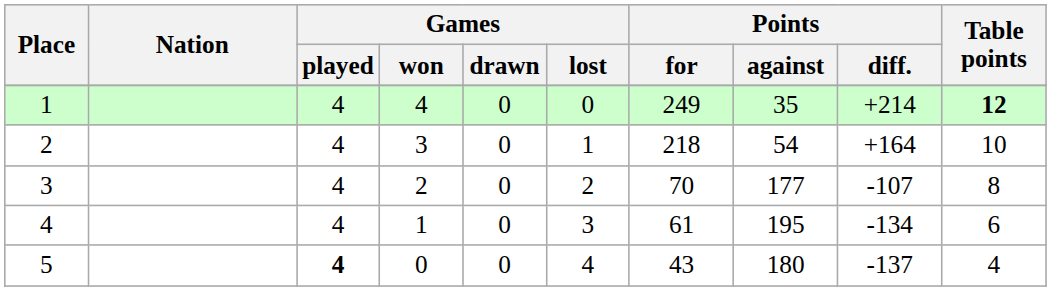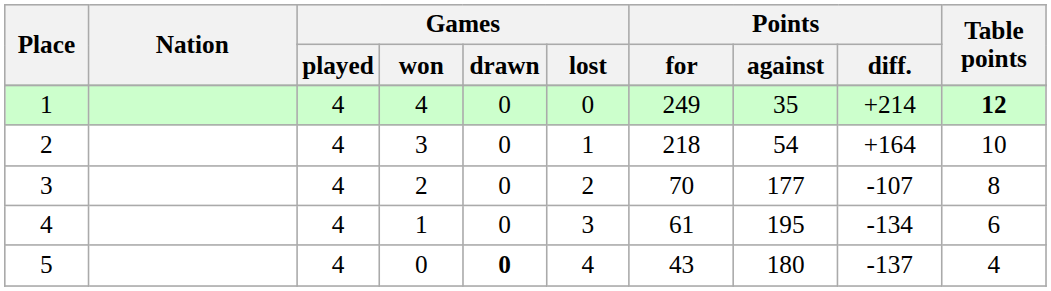 <table class="wikitable">
 <tr>
 <th rowspan=2 width="8%">Place</th>
 <th rowspan=2 width="20%">Nation</th>
 <th colspan=4 width="32%">Games</th>
 <th colspan=3 width="30%">Points</th>
 <th rowspan=2 width="10%">Table<br>points</th>
 </tr>
 <tr>
 <th width="8%">played</th>
 <th width="8%">won</th>
 <th width="8%">drawn</th>
 <th width="8%">lost</th>
 <th width="10%">for</th>
 <th width="10%">against</th>
 <th width="10%">diff.</th>
 </tr>
 <tr>
 </tr>
 <tr bgcolor=#ccffcc align=center>
 <td>1</td>
 <td align=left><strong></strong></td>
 <td>4</td>
 <td>4</td>
 <td>0</td>
 <td>0</td>
 <td>249</td>
 <td>35</td>
 <td>+214</td>
 <td><strong>12</strong></td>
 </tr>
 <tr bgcolor=#ffffff align=center>
 <td>2</td>
 <td align=left></td>
 <td>4</td>
 <td>3</td>
 <td>0</td>
 <td>1</td>
 <td>218</td>
 <td>54</td>
 <td>+164</td>
 <td>10</td>
 </tr>
 <tr bgcolor=#ffffff align=center>
 <td>3</td>
 <td align=left></td>
 <td>4</td>
 <td>2</td>
 <td>0</td>
 <td>2</td>
 <td>70</td>
 <td>177</td>
 <td>-107</td>
 <td>8</td>
 </tr>
 <tr bgcolor=#ffffff align=center>
 <td>4</td>
 <td align=left></td>
 <td>4</td>
 <td>1</td>
 <td>0</td>
 <td>3</td>
 <td>61</td>
 <td>195</td>
 <td>-134</td>
 <td>6</td>
 </tr>
 <tr bgcolor=#ffffff align=center>
 <td>5</td>
 <td align=left><em></em></td>
-<td><strong>4</strong></td>
+<td>4</td>
 <td>0</td>
-<td>0</td>
+<td><strong>0</strong></td>
 <td>4</td>
 <td>43</td>
 <td>180</td>
 <td>-137</td>
 <td>4</td>
 </tr>
 </table>
